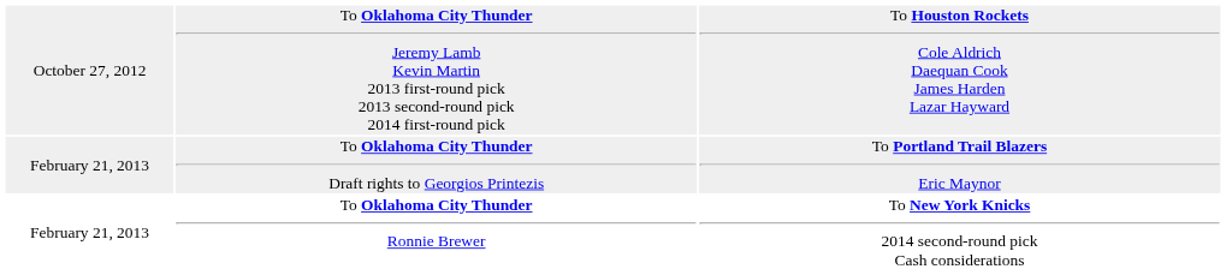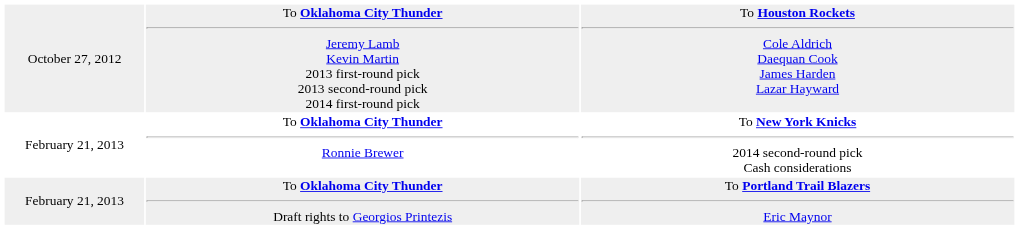 <table style="text-align: center">
 <tr style="background:#eeee">
 <td style="width:10%">October 27, 2012</td>
 <td style="width:31%; vertical-align:top;">To <strong><a href='#'>Oklahoma City Thunder</a></strong><hr><a href='#'>Jeremy Lamb</a><br><a href='#'>Kevin Martin</a><br>2013 first-round pick<br>2013 second-round pick<br>2014 first-round pick</td>
 <td style="width:31%; vertical-align:top;">To <strong><a href='#'>Houston Rockets</a></strong><hr><a href='#'>Cole Aldrich</a><br><a href='#'>Daequan Cook</a><br><a href='#'>James Harden</a><br><a href='#'>Lazar Hayward</a></td>
 </tr>
+<tr>
+<td style="width:10%">February 21, 2013</td>
+<td style="width:31%; vertical-align:top;">To <strong><a href='#'>Oklahoma City Thunder</a></strong><hr><a href='#'>Ronnie Brewer</a></td>
+<td style="width:31%; vertical-align:top;">To <strong><a href='#'>New York Knicks</a></strong><hr>2014 second-round pick<br>Cash considerations</td>
+</tr>
 <tr style="background:#eeee">
 <td style="width:10%">February 21, 2013</td>
 <td style="width:31%; vertical-align:top;">To <strong><a href='#'>Oklahoma City Thunder</a></strong><hr>Draft rights to <a href='#'>Georgios Printezis</a></td>
 <td style="width:31%; vertical-align:top;">To <strong><a href='#'>Portland Trail Blazers</a></strong><hr><a href='#'>Eric Maynor</a></td>
 </tr>
-<tr>
-<td style="width:10%">February 21, 2013</td>
-<td style="width:31%; vertical-align:top;">To <strong><a href='#'>Oklahoma City Thunder</a></strong><hr><a href='#'>Ronnie Brewer</a></td>
-<td style="width:31%; vertical-align:top;">To <strong><a href='#'>New York Knicks</a></strong><hr>2014 second-round pick<br>Cash considerations</td>
-</tr>
 </table>
